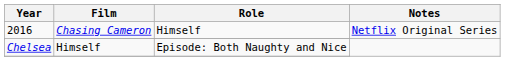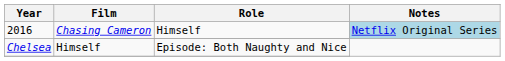 <table class="wikitable sortable">
 <tr>
 <th>Year</th>
 <th>Film</th>
 <th>Role</th>
 <th class="unsortable">Notes</th>
 </tr>
 <tr>
 <td rowspan="2">2016</td>
 <td><em><a href='#'>Chasing Cameron</a></em></td>
 <td>Himself</td>
-<td><a href='#'>Netflix</a> Original Series</td>
+<td style="background: lightblue;"><a href='#'>Netflix</a> Original Series</td>
 </tr>
 <tr>
 </tr>
 <tr>
 <td><em><a href='#'>Chelsea</a></em></td>
 <td>Himself</td>
 <td>Episode: Both Naughty and Nice</td>
 </tr>
 <tr>
 </tr>
 </table>
